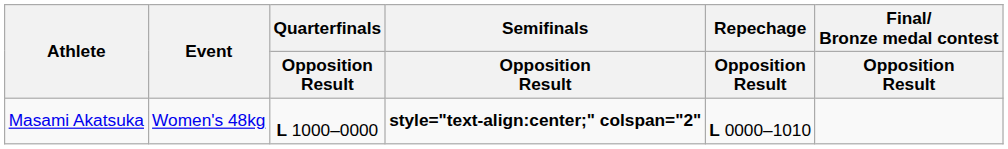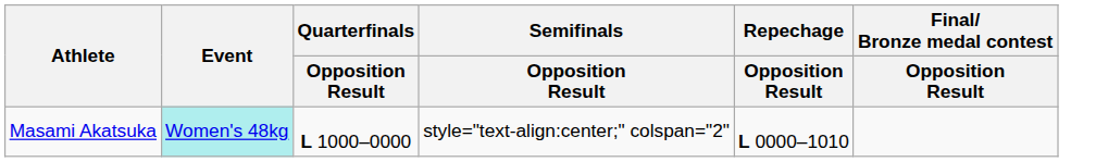 <table class=wikitable style="font-size:90%">
 <tr>
 <th rowspan="2">Athlete</th>
 <th rowspan="2">Event</th>
 <th>Quarterfinals</th>
 <th>Semifinals</th>
 <th>Repechage</th>
 <th>Final/<br>Bronze medal contest</th>
 </tr>
 <tr>
 <th>Opposition<br>Result</th>
 <th>Opposition<br>Result</th>
 <th>Opposition<br>Result</th>
 <th>Opposition<br>Result</th>
 </tr>
 <tr>
 <td><a href='#'>Masami Akatsuka</a></td>
-<td style="text-align:center;"><a href='#'>Women's 48kg</a></td>
+<td style="background: paleturquoise; text-align:center;"><a href='#'>Women's 48kg</a></td>
 <td style="text-align:center;"><br> <strong>L</strong> 1000–0000</td>
-<td><strong>style="text-align:center;" colspan="2" </strong></td>
+<td>style="text-align:center;" colspan="2" </td>
 <td style="text-align:center;"><br> <strong>L</strong> 0000–1010</td>
 </tr>
 </table>
